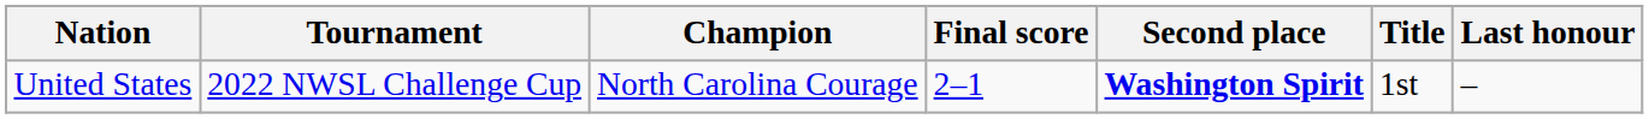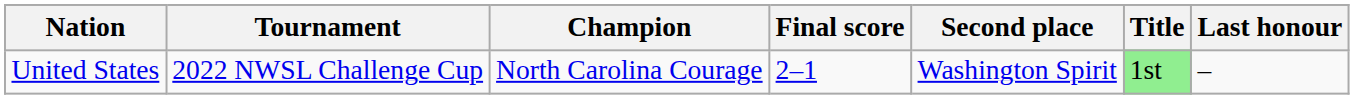 <table class=wikitable style="font-size:14px">
 <tr>
 <th>Nation</th>
 <th>Tournament</th>
 <th>Champion</th>
 <th>Final score</th>
 <th>Second place</th>
 <th data-sort-type="number">Title</th>
 <th>Last honour</th>
 </tr>
 <tr>
 <td rowspan="2"> <a href='#'>United States</a></td>
 <td><a href='#'>2022 NWSL Challenge Cup</a></td>
 <td><a href='#'>North Carolina Courage</a></td>
 <td><a href='#'>2–1</a></td>
-<td><strong><a href='#'>Washington Spirit</a></strong></td>
-<td>1st</td>
+<td><a href='#'>Washington Spirit</a></td>
+<td style="background: lightgreen;">1st</td>
 <td>–</td>
 </tr>
 </table>
